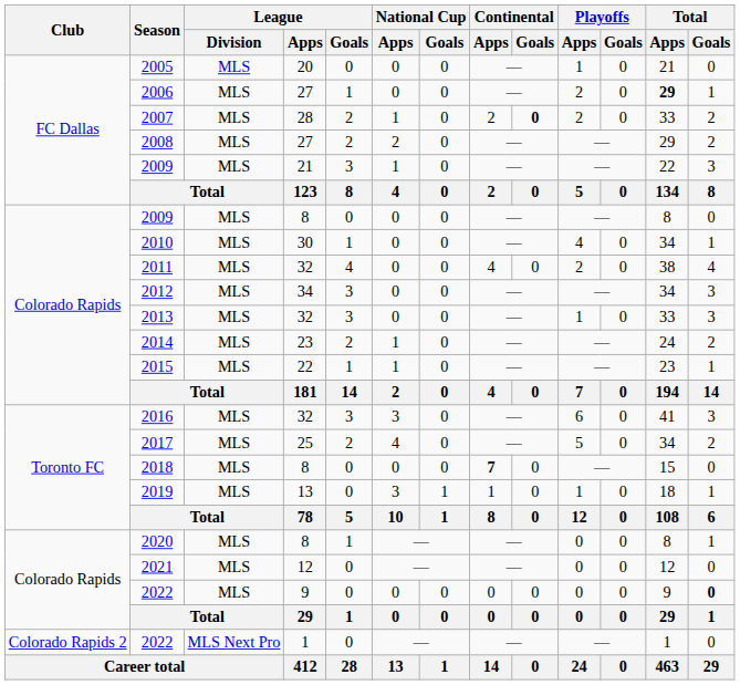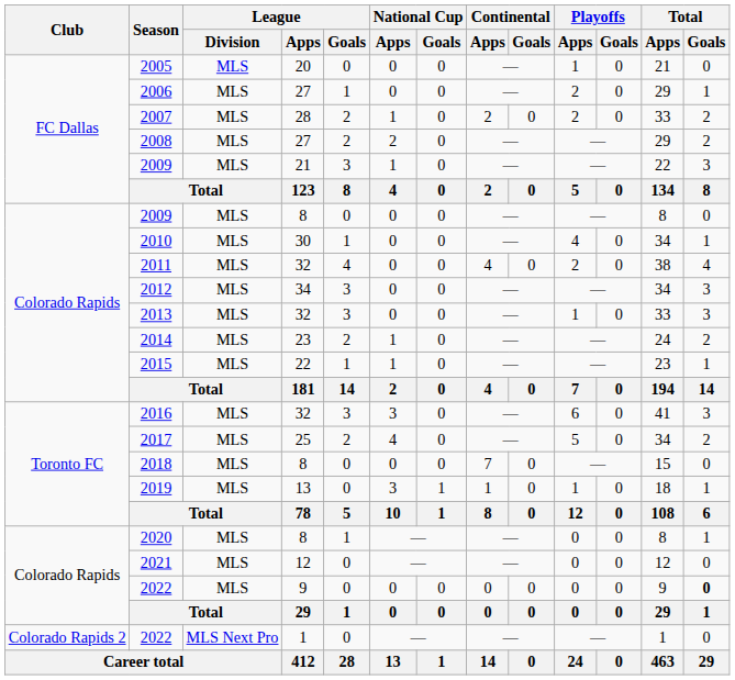 <table class="wikitable" style="text-align: center;">
 <tr>
 <th rowspan="2">Club</th>
 <th rowspan="2">Season</th>
 <th colspan="3">League</th>
 <th colspan="2">National Cup</th>
 <th colspan="2">Continental</th>
 <th colspan="2"><a href='#'>Playoffs</a></th>
 <th colspan="2">Total</th>
 </tr>
 <tr>
 <th>Division</th>
 <th>Apps</th>
 <th>Goals</th>
 <th>Apps</th>
 <th>Goals</th>
 <th>Apps</th>
 <th>Goals</th>
 <th>Apps</th>
 <th>Goals</th>
 <th>Apps</th>
 <th>Goals</th>
 </tr>
 <tr>
 <td rowspan="6" valign="center"><a href='#'>FC Dallas</a></td>
 <td><a href='#'>2005</a></td>
 <td><a href='#'>MLS</a></td>
 <td>20</td>
 <td>0</td>
 <td>0</td>
 <td>0</td>
 <td colspan="2">—</td>
 <td>1</td>
 <td>0</td>
 <td>21</td>
 <td>0</td>
 </tr>
 <tr>
 <td><a href='#'>2006</a></td>
 <td>MLS</td>
 <td>27</td>
 <td>1</td>
 <td>0</td>
 <td>0</td>
 <td colspan="2">—</td>
 <td>2</td>
 <td>0</td>
-<td><strong>29</strong></td>
+<td>29</td>
 <td>1</td>
 </tr>
 <tr>
 <td><a href='#'>2007</a></td>
 <td>MLS</td>
 <td>28</td>
 <td>2</td>
 <td>1</td>
 <td>0</td>
 <td>2</td>
-<td><strong>0</strong></td>
+<td>0</td>
 <td>2</td>
 <td>0</td>
 <td>33</td>
 <td>2</td>
 </tr>
 <tr>
 <td><a href='#'>2008</a></td>
 <td>MLS</td>
 <td>27</td>
 <td>2</td>
 <td>2</td>
 <td>0</td>
 <td colspan="2">—</td>
 <td colspan="2">—</td>
 <td>29</td>
 <td>2</td>
 </tr>
 <tr>
 <td><a href='#'>2009</a></td>
 <td>MLS</td>
 <td>21</td>
 <td>3</td>
 <td>1</td>
 <td>0</td>
 <td colspan="2">—</td>
 <td colspan="2">—</td>
 <td>22</td>
 <td>3</td>
 </tr>
 <tr>
 <th colspan="2">Total</th>
 <th>123</th>
 <th>8</th>
 <th>4</th>
 <th>0</th>
 <th>2</th>
 <th>0</th>
 <th>5</th>
 <th>0</th>
 <th>134</th>
 <th>8</th>
 </tr>
 <tr>
 <td rowspan="8" valign="center"><a href='#'>Colorado Rapids</a></td>
 <td><a href='#'>2009</a></td>
 <td>MLS</td>
 <td>8</td>
 <td>0</td>
 <td>0</td>
 <td>0</td>
 <td colspan="2">—</td>
 <td colspan="2">—</td>
 <td>8</td>
 <td>0</td>
 </tr>
 <tr>
 <td><a href='#'>2010</a></td>
 <td>MLS</td>
 <td>30</td>
 <td>1</td>
 <td>0</td>
 <td>0</td>
 <td colspan="2">—</td>
 <td>4</td>
 <td>0</td>
 <td>34</td>
 <td>1</td>
 </tr>
 <tr>
 <td><a href='#'>2011</a></td>
 <td>MLS</td>
 <td>32</td>
 <td>4</td>
 <td>0</td>
 <td>0</td>
 <td>4</td>
 <td>0</td>
 <td>2</td>
 <td>0</td>
 <td>38</td>
 <td>4</td>
 </tr>
 <tr>
 <td><a href='#'>2012</a></td>
 <td>MLS</td>
 <td>34</td>
 <td>3</td>
 <td>0</td>
 <td>0</td>
 <td colspan="2">—</td>
 <td colspan="2">—</td>
 <td>34</td>
 <td>3</td>
 </tr>
 <tr>
 <td><a href='#'>2013</a></td>
 <td>MLS</td>
 <td>32</td>
 <td>3</td>
 <td>0</td>
 <td>0</td>
 <td colspan="2">—</td>
 <td>1</td>
 <td>0</td>
 <td>33</td>
 <td>3</td>
 </tr>
 <tr>
 <td><a href='#'>2014</a></td>
 <td>MLS</td>
 <td>23</td>
 <td>2</td>
 <td>1</td>
 <td>0</td>
 <td colspan="2">—</td>
 <td colspan="2">—</td>
 <td>24</td>
 <td>2</td>
 </tr>
 <tr>
 <td><a href='#'>2015</a></td>
 <td>MLS</td>
 <td>22</td>
 <td>1</td>
 <td>1</td>
 <td>0</td>
 <td colspan="2">—</td>
 <td colspan="2">—</td>
 <td>23</td>
 <td>1</td>
 </tr>
 <tr>
 <th colspan="2">Total</th>
 <th>181</th>
 <th>14</th>
 <th>2</th>
 <th>0</th>
 <th>4</th>
 <th>0</th>
 <th>7</th>
 <th>0</th>
 <th>194</th>
 <th>14</th>
 </tr>
 <tr>
 <td rowspan="5" valign="center"><a href='#'>Toronto FC</a></td>
 <td><a href='#'>2016</a></td>
 <td>MLS</td>
 <td>32</td>
 <td>3</td>
 <td>3</td>
 <td>0</td>
 <td colspan="2">—</td>
 <td>6</td>
 <td>0</td>
 <td>41</td>
 <td>3</td>
 </tr>
 <tr>
 <td><a href='#'>2017</a></td>
 <td>MLS</td>
 <td>25</td>
 <td>2</td>
 <td>4</td>
 <td>0</td>
 <td colspan="2">—</td>
 <td>5</td>
 <td>0</td>
 <td>34</td>
 <td>2</td>
 </tr>
 <tr>
 <td><a href='#'>2018</a></td>
 <td>MLS</td>
 <td>8</td>
 <td>0</td>
 <td>0</td>
 <td>0</td>
-<td><strong>7</strong></td>
+<td>7</td>
 <td>0</td>
 <td colspan="2">—</td>
 <td>15</td>
 <td>0</td>
 </tr>
 <tr>
 <td><a href='#'>2019</a></td>
 <td>MLS</td>
 <td>13</td>
 <td>0</td>
 <td>3</td>
 <td>1</td>
 <td>1</td>
 <td>0</td>
 <td>1</td>
 <td>0</td>
 <td>18</td>
 <td>1</td>
 </tr>
 <tr>
 <th colspan="2">Total</th>
 <th>78</th>
 <th>5</th>
 <th>10</th>
 <th>1</th>
 <th>8</th>
 <th>0</th>
 <th>12</th>
 <th>0</th>
 <th>108</th>
 <th>6</th>
 </tr>
 <tr>
 <td rowspan="4" valign="center">Colorado Rapids</td>
 <td><a href='#'>2020</a></td>
 <td>MLS</td>
 <td>8</td>
 <td>1</td>
 <td colspan="2">—</td>
 <td colspan="2">—</td>
 <td>0</td>
 <td>0</td>
 <td>8</td>
 <td>1</td>
 </tr>
 <tr>
 <td><a href='#'>2021</a></td>
 <td>MLS</td>
 <td>12</td>
 <td>0</td>
 <td colspan="2">—</td>
 <td colspan="2">—</td>
 <td>0</td>
 <td>0</td>
 <td>12</td>
 <td>0</td>
 </tr>
 <tr>
 <td><a href='#'>2022</a></td>
 <td>MLS</td>
 <td>9</td>
 <td>0</td>
 <td>0</td>
 <td>0</td>
 <td>0</td>
 <td>0</td>
 <td>0</td>
 <td>0</td>
 <td>9</td>
 <td><strong>0</strong></td>
 </tr>
 <tr>
 <th colspan="2">Total</th>
 <th>29</th>
 <th>1</th>
 <th>0</th>
 <th>0</th>
 <th>0</th>
 <th>0</th>
 <th>0</th>
 <th>0</th>
 <th>29</th>
 <th>1</th>
 </tr>
 <tr>
 <td><a href='#'>Colorado Rapids 2</a></td>
 <td><a href='#'>2022</a></td>
 <td><a href='#'>MLS Next Pro</a></td>
 <td>1</td>
 <td>0</td>
 <td colspan="2">—</td>
 <td colspan="2">—</td>
 <td colspan="2">—</td>
 <td>1</td>
 <td>0</td>
 </tr>
 <tr>
 <th colspan="3">Career total</th>
 <th>412</th>
 <th>28</th>
 <th>13</th>
 <th>1</th>
 <th>14</th>
 <th>0</th>
 <th>24</th>
 <th>0</th>
 <th>463</th>
 <th>29</th>
 </tr>
 </table>
